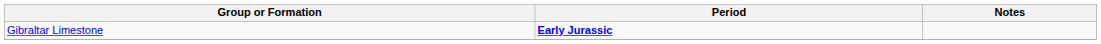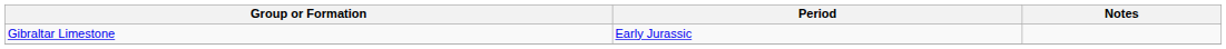 <table class="wikitable sortable" style="width: 100%;">
 <tr>
 <th>Group or Formation</th>
 <th>Period</th>
 <th class="unsortable">Notes</th>
 </tr>
 <tr>
 <td><a href='#'>Gibraltar Limestone</a></td>
-<td><strong><a href='#'>Early Jurassic</a></strong></td>
+<td><a href='#'>Early Jurassic</a></td>
 <td></td>
 </tr>
 <tr>
 </tr>
 </table>
